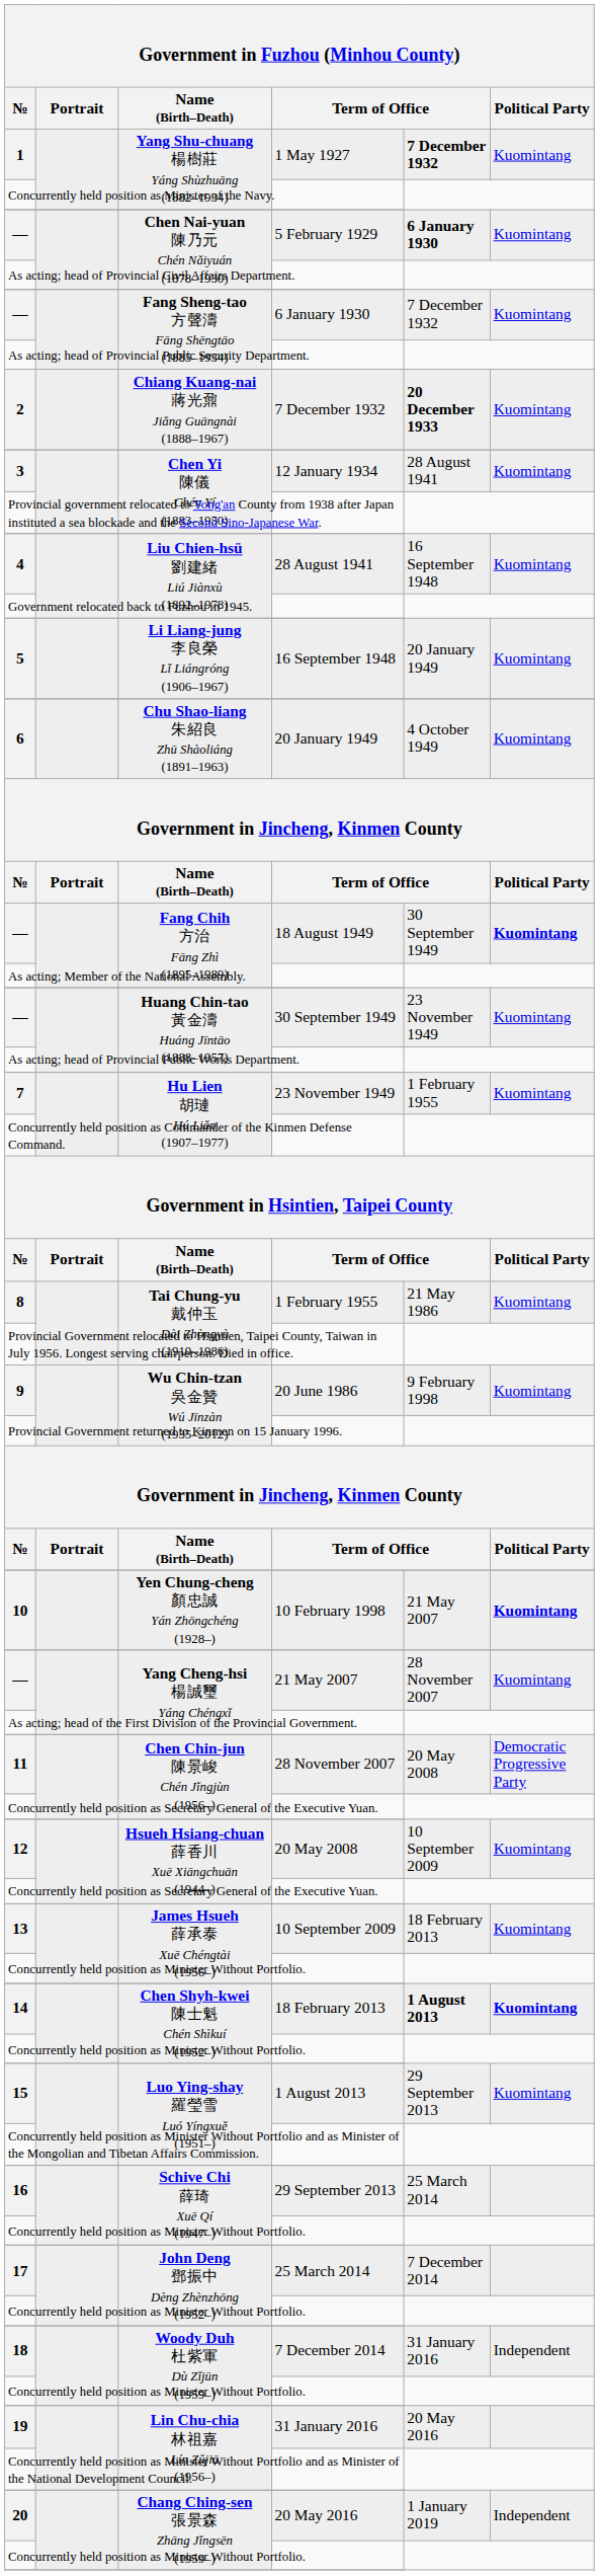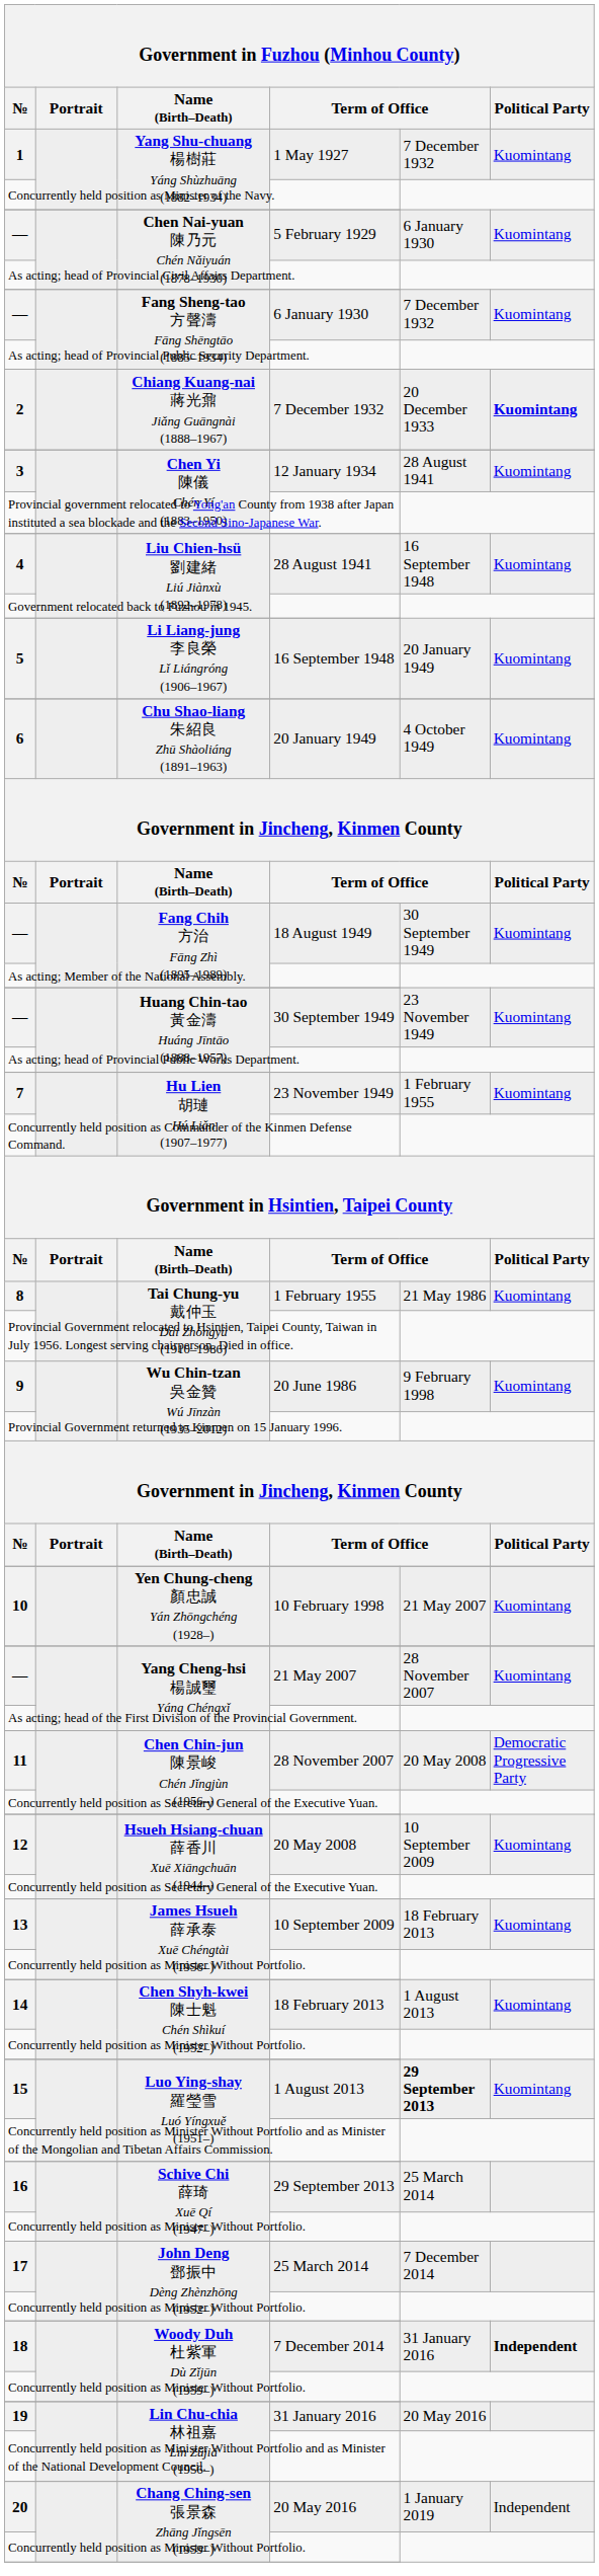 <table class="wikitable">
 <tr>
 <th colspan=6><br><h3>Government in <a href='#'>Fuzhou</a> (<a href='#'>Minhou County</a>)</h3></th>
 </tr>
 <tr>
 <th>№</th>
 <th>Portrait</th>
 <th width=150px>Name<br><small>(Birth–Death)</small></th>
 <th colspan=2 width=200px>Term of Office</th>
 <th width=100px>Political Party</th>
 </tr>
 <tr - bgcolor=#EEEEEE>
 <th style="background:">1</th>
 <td rowspan=2 align=center></td>
 <td rowspan=2 align=center><strong><a href='#'>Yang Shu-chuang</a></strong><br><span>楊樹莊</span><br><small><em>Yáng Shùzhuāng</em><br>(1882–1934)</small></td>
 <td>1 May 1927</td>
-<td><strong>7 December 1932</strong></td>
+<td>7 December 1932</td>
 <td><a href='#'>Kuomintang</a></td>
 </tr>
 <tr>
 <td colspan=4><small>Concurrently held position as Minister of the Navy.</small></td>
 </tr>
 <tr ->
 </tr>
 <tr - bgcolor=#EEEEEE>
 <th style="background:">—</th>
 <td rowspan=2 align=center></td>
 <td rowspan=2 align=center><strong>Chen Nai-yuan</strong><br><span>陳乃元</span><br><small><em>Chén Nǎiyuán</em><br>(1878–1930)</small></td>
 <td>5 February 1929</td>
-<td><strong>6 January 1930</strong></td>
+<td>6 January 1930</td>
 <td><a href='#'>Kuomintang</a></td>
 </tr>
 <tr>
 <td colspan=4><small>As acting; head of Provincial Civil Affairs Department.</small></td>
 </tr>
 <tr ->
 </tr>
 <tr - bgcolor=#EEEEEE>
 <th style="background:">—</th>
 <td rowspan=2 align=center></td>
 <td rowspan=2 align=center><strong>Fang Sheng-tao</strong><br><span>方聲濤</span><br><small><em>Fāng Shēngtāo</em><br>(1885–1934)</small></td>
 <td>6 January 1930</td>
 <td>7 December 1932</td>
 <td><a href='#'>Kuomintang</a></td>
 </tr>
 <tr>
 <td colspan=4><small>As acting; head of Provincial Public Security Department.</small></td>
 </tr>
 <tr ->
 </tr>
 <tr - bgcolor=#EEEEEE>
 <th style="background:">2</th>
 <td align=center></td>
 <td align=center><strong><a href='#'>Chiang Kuang-nai</a></strong><br><span>蔣光鼐</span><br><small><em>Jiǎng Guāngnài</em><br>(1888–1967)</small></td>
 <td>7 December 1932</td>
-<td><strong>20 December 1933</strong></td>
-<td><a href='#'>Kuomintang</a></td>
+<td>20 December 1933</td>
+<td><strong><a href='#'>Kuomintang</a></strong></td>
 </tr>
 <tr ->
 </tr>
 <tr - bgcolor=#EEEEEE>
 <th style="background:">3</th>
 <td rowspan=2 align=center></td>
 <td rowspan=2 align=center><strong><a href='#'>Chen Yi</a></strong><br><span>陳儀</span><br><small><em>Chén Yí</em><br>(1883–1950)</small></td>
 <td>12 January 1934</td>
 <td>28 August 1941</td>
 <td><a href='#'>Kuomintang</a></td>
 </tr>
 <tr>
 <td colspan=4><small>Provincial government relocated to <a href='#'>Yong'an</a> County from 1938 after Japan instituted a sea blockade and the <a href='#'>Second Sino-Japanese War</a>.</small></td>
 </tr>
 <tr ->
 </tr>
 <tr - bgcolor=#EEEEEE>
 <th style="background:">4</th>
 <td rowspan=2 align=center></td>
 <td rowspan=2 align=center><strong><a href='#'>Liu Chien-hsü</a></strong><br><span>劉建緒</span><br><small><em>Liú Jiànxù</em><br>(1892–1978)</small></td>
 <td>28 August 1941</td>
 <td>16 September 1948</td>
 <td><a href='#'>Kuomintang</a></td>
 </tr>
 <tr>
 <td colspan=4><small>Government relocated back to Fuzhou in 1945.</small></td>
 </tr>
 <tr ->
 </tr>
 <tr - bgcolor=#EEEEEE>
 <th style="background:">5</th>
 <td align=center></td>
 <td align=center><strong><a href='#'>Li Liang-jung</a></strong><br><span>李良榮</span><br><small><em>Lǐ Liángróng</em><br>(1906–1967)</small></td>
 <td>16 September 1948</td>
 <td>20 January 1949</td>
 <td><a href='#'>Kuomintang</a></td>
 </tr>
 <tr ->
 </tr>
 <tr - bgcolor=#EEEEEE>
 <th style="background:">6</th>
 <td align=center></td>
 <td align=center><strong><a href='#'>Chu Shao-liang</a></strong><br><span>朱紹良</span><br><small><em>Zhū Shàoliáng</em><br>(1891–1963)</small></td>
 <td>20 January 1949</td>
 <td>4 October 1949</td>
 <td><a href='#'>Kuomintang</a></td>
 </tr>
 <tr ->
 <th colspan=6><br><h3>Government in  <a href='#'>Jincheng</a>, <a href='#'>Kinmen</a> County</h3></th>
 </tr>
 <tr>
 <th>№</th>
 <th>Portrait</th>
 <th width=150px>Name<br><small>(Birth–Death)</small></th>
 <th colspan=2 width=200px>Term of Office</th>
 <th width=100px>Political Party</th>
 </tr>
 <tr - bgcolor=#EEEEEE>
 <th style="background:">—</th>
 <td rowspan=2 align=center></td>
 <td rowspan=2 align=center><strong><a href='#'>Fang Chih</a></strong><br><span>方治</span><br><small><em>Fāng Zhì</em><br>(1895–1989)</small></td>
 <td>18 August 1949</td>
 <td>30 September 1949</td>
-<td><strong><a href='#'>Kuomintang</a></strong></td>
+<td><a href='#'>Kuomintang</a></td>
 </tr>
 <tr>
 <td colspan=4><small>As acting; Member of the National Assembly.</small></td>
 </tr>
 <tr ->
 </tr>
 <tr - bgcolor=#EEEEEE>
 <th style="background:">—</th>
 <td rowspan=2 align=center></td>
 <td rowspan=2 align=center><strong>Huang Chin-tao</strong><br><span>黃金濤</span><br><small><em>Huáng Jīntāo</em><br>(1888–1957)</small></td>
 <td>30 September 1949</td>
 <td>23 November 1949</td>
 <td><a href='#'>Kuomintang</a></td>
 </tr>
 <tr>
 <td colspan=4><small>As acting; head of Provincial Public Works Department.</small></td>
 </tr>
 <tr ->
 </tr>
 <tr - bgcolor=#EEEEEE>
 <th style="background:">7</th>
 <td rowspan=2 align=center></td>
 <td rowspan=2 align=center><strong><a href='#'>Hu Lien</a></strong><br><span>胡璉</span><br><small><em>Hú Liǎn</em><br>(1907–1977)</small></td>
 <td>23 November 1949</td>
 <td>1 February 1955</td>
 <td><a href='#'>Kuomintang</a></td>
 </tr>
 <tr>
 <td colspan=4><small>Concurrently held position as Commander of the Kinmen Defense Command.</small></td>
 </tr>
 <tr ->
 <th colspan=6><br><h3>Government in <a href='#'>Hsintien</a>, <a href='#'>Taipei County</a></h3></th>
 </tr>
 <tr>
 <th>№</th>
 <th>Portrait</th>
 <th width=150px>Name<br><small>(Birth–Death)</small></th>
 <th colspan=2 width=200px>Term of Office</th>
 <th width=100px>Political Party</th>
 </tr>
 <tr - bgcolor=#EEEEEE>
 <th style="background:">8</th>
 <td rowspan=2></td>
 <td rowspan=2 align=center><strong>Tai Chung-yu</strong><br><span>戴仲玉</span><br><small><em>Dài Zhòngyù</em><br>(1910–1986)</small></td>
 <td>1 February 1955</td>
 <td>21 May 1986</td>
 <td><a href='#'>Kuomintang</a></td>
 </tr>
 <tr>
 <td colspan=4><small>Provincial Government relocated to Hsintien, Taipei County, Taiwan in July 1956. Longest serving chairperson. Died in office.</small></td>
 </tr>
 <tr - bgcolor=#EEEEEE>
 <th style="background:">9</th>
 <td rowspan=2></td>
 <td rowspan=2 align=center><strong>Wu Chin-tzan</strong><br><span>吳金贊</span><br><small><em>Wú Jīnzàn</em><br>(1935–2012)</small></td>
 <td>20 June 1986</td>
 <td>9 February 1998</td>
 <td><a href='#'>Kuomintang</a></td>
 </tr>
 <tr>
 <td colspan=4><small>Provincial Government returned to Kinmen on 15 January 1996.</small></td>
 </tr>
 <tr>
 <th colspan=6><br><h3>Government in <a href='#'>Jincheng</a>, <a href='#'>Kinmen</a> County</h3></th>
 </tr>
 <tr>
 <th>№</th>
 <th>Portrait</th>
 <th width=150px>Name<br><small>(Birth–Death)</small></th>
 <th colspan=2 width=200px>Term of Office</th>
 <th width=100px>Political Party</th>
 </tr>
 <tr ->
 </tr>
 <tr - bgcolor=#EEEEEE>
 <th style="background:">10</th>
 <td></td>
 <td align=center><strong>Yen Chung-cheng</strong><br><span>顏忠誠</span><br><small><em>Yán Zhōngchéng</em><br>(1928–)</small></td>
 <td>10 February 1998</td>
 <td>21 May 2007</td>
-<td><strong><a href='#'>Kuomintang</a></strong></td>
+<td><a href='#'>Kuomintang</a></td>
 </tr>
 <tr ->
 </tr>
 <tr - bgcolor=#EEEEEE>
 <th style="background:">—</th>
 <td rowspan=2></td>
 <td rowspan=2 align=center><strong>Yang Cheng-hsi</strong><br><span>楊誠璽</span><br><small><em>Yáng Chéngxǐ</em></small></td>
 <td>21 May 2007</td>
 <td>28 November 2007</td>
 <td><a href='#'>Kuomintang</a></td>
 </tr>
 <tr>
 <td colspan=4><small>As acting; head of the First Division of the Provincial Government.</small></td>
 </tr>
 <tr ->
 </tr>
 <tr - bgcolor=#EEEEEE>
 <th style="background:">11</th>
 <td rowspan=2></td>
 <td rowspan=2 align=center><strong><a href='#'>Chen Chin-jun</a></strong><br><span>陳景峻</span><br><small><em>Chén Jǐngjùn</em><br>(1956–)</small></td>
 <td>28 November 2007</td>
 <td>20 May 2008</td>
 <td><a href='#'>Democratic Progressive Party</a></td>
 </tr>
 <tr>
 <td colspan=4><small>Concurrently held position as Secretary General of the Executive Yuan.</small></td>
 </tr>
 <tr ->
 </tr>
 <tr - bgcolor=#EEEEEE>
 <th style="background:">12</th>
 <td rowspan=2></td>
 <td rowspan=2 align=center><strong><a href='#'>Hsueh Hsiang-chuan</a></strong><br><span>薛香川</span><br><small><em>Xuē Xiāngchuān</em><br>(1944–)</small></td>
 <td>20 May 2008</td>
 <td>10 September 2009</td>
 <td><a href='#'>Kuomintang</a></td>
 </tr>
 <tr>
 <td colspan=4><small>Concurrently held position as Secretary General of the Executive Yuan.</small></td>
 </tr>
 <tr ->
 </tr>
 <tr - bgcolor=#EEEEEE>
 <th style="background:">13</th>
 <td rowspan=2></td>
 <td rowspan=2 align=center><strong><a href='#'>James Hsueh</a></strong><br><span>薛承泰</span><br><small><em>Xuē Chéngtài</em><br>(1956–)</small></td>
 <td>10 September 2009</td>
 <td>18 February 2013</td>
 <td><a href='#'>Kuomintang</a></td>
 </tr>
 <tr>
 <td colspan=4><small>Concurrently held position as Minister Without Portfolio.</small></td>
 </tr>
 <tr ->
 </tr>
 <tr - bgcolor=#EEEEEE>
 <th style="background:">14</th>
 <td rowspan=2 align=center></td>
 <td rowspan=2 align=center><strong><a href='#'>Chen Shyh-kwei</a></strong><br><span>陳士魁</span><br><small><em>Chén Shìkuí</em><br>(1952–)</small></td>
 <td>18 February 2013</td>
-<td><strong>1 August 2013</strong></td>
-<td><strong><a href='#'>Kuomintang</a></strong></td>
+<td>1 August 2013</td>
+<td><a href='#'>Kuomintang</a></td>
 </tr>
 <tr>
 <td colspan=4><small>Concurrently held position as Minister Without Portfolio.</small></td>
 </tr>
 <tr ->
 </tr>
 <tr - bgcolor=#EEEEEE>
 <th style="background:">15</th>
 <td rowspan=2 align=center></td>
 <td rowspan=2 align=center><strong><a href='#'>Luo Ying-shay</a></strong><br><span>羅瑩雪</span><br><small><em>Luó Yíngxuě</em><br>(1951–)</small></td>
 <td>1 August 2013</td>
-<td>29 September 2013</td>
+<td><strong>29 September 2013</strong></td>
 <td><a href='#'>Kuomintang</a></td>
 </tr>
 <tr>
 <td colspan=4><small>Concurrently held position as Minister Without Portfolio and as Minister of the Mongolian and Tibetan Affairs Commission.</small></td>
 </tr>
 <tr ->
 </tr>
 <tr - bgcolor=#EEEEEE>
 <th style="background:">16</th>
 <td rowspan=2></td>
 <td rowspan=2 align=center><strong><a href='#'>Schive Chi</a></strong><br><span>薛琦</span><br><small><em>Xuē Qí</em><br>(1947–)</small></td>
 <td>29 September 2013</td>
 <td>25 March 2014</td>
 <td></td>
 </tr>
 <tr>
 <td colspan=4><small>Concurrently held position as Minister Without Portfolio.</small></td>
 </tr>
 <tr ->
 </tr>
 <tr - bgcolor=#EEEEEE>
 <th style="background:">17</th>
 <td rowspan=2 align=center></td>
 <td rowspan=2 align=center><strong><a href='#'>John Deng</a></strong><br><span>鄧振中</span><br><small><em>Dèng Zhènzhōng</em><br>(1952–)</small></td>
 <td>25 March 2014</td>
 <td>7 December 2014</td>
 <td></td>
 </tr>
 <tr>
 <td colspan=4><small>Concurrently held position as Minister Without Portfolio.</small></td>
 </tr>
 <tr ->
 </tr>
 <tr - bgcolor=#EEEEEE>
 <th style="background:">18</th>
 <td rowspan=2 align=center></td>
 <td rowspan=2 align=center><strong><a href='#'>Woody Duh</a></strong><br><span>杜紫軍</span><br><small><em>Dù Zǐjūn</em><br>(1959–)</small></td>
 <td>7 December 2014</td>
 <td>31 January 2016</td>
-<td>Independent</td>
+<td><strong>Independent</strong></td>
 </tr>
 <tr>
 <td colspan=4><small>Concurrently held position as Minister Without Portfolio.</small></td>
 </tr>
 <tr ->
 </tr>
 <tr - bgcolor=#EEEEEE>
 <th style="background:">19</th>
 <td rowspan=2 align=center></td>
 <td rowspan=2 align=center><strong><a href='#'>Lin Chu-chia</a></strong><br><span>林祖嘉</span><br><small><em>Lín Zǔjiā</em><br>(1956–)</small></td>
 <td>31 January 2016</td>
 <td>20 May 2016</td>
 <td></td>
 </tr>
 <tr>
 <td colspan=4><small>Concurrently held position as Minister Without Portfolio and as Minister of the National Development Council.</small></td>
 </tr>
 <tr ->
 </tr>
 <tr - bgcolor=#EEEEEE>
 <th style="background:">20</th>
 <td rowspan=2 align=center></td>
 <td rowspan=2 align=center><strong><a href='#'>Chang Ching-sen</a></strong><br><span>張景森</span><br><small><em>Zhāng Jǐngsēn</em><br>(1959–)</small></td>
 <td>20 May 2016</td>
 <td>1 January 2019</td>
 <td>Independent</td>
 </tr>
 <tr>
 <td colspan=4><small>Concurrently held position as Minister Without Portfolio.</small></td>
 </tr>
 <tr ->
 </tr>
 </table>
